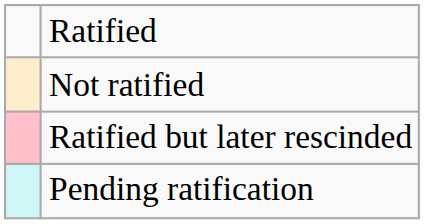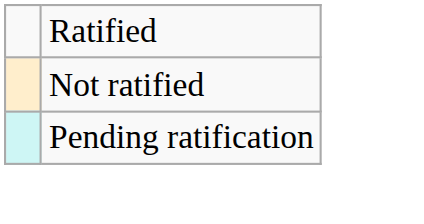 <table class="wikitable" style="text-align: left;">
 <tr>
 <td style="width:10px;"></td>
 <td>Ratified</td>
 </tr>
 <tr>
 <td style="width:10px; background:#fec;"></td>
 <td>Not ratified</td>
 </tr>
 <tr>
-<td style="width:10px; background:pink"></td>
-<td>Ratified but later rescinded</td>
-</tr>
-<tr>
 <td style="width:10px; background:#cef6f5;"></td>
 <td>Pending ratification</td>
 </tr>
 </table>
